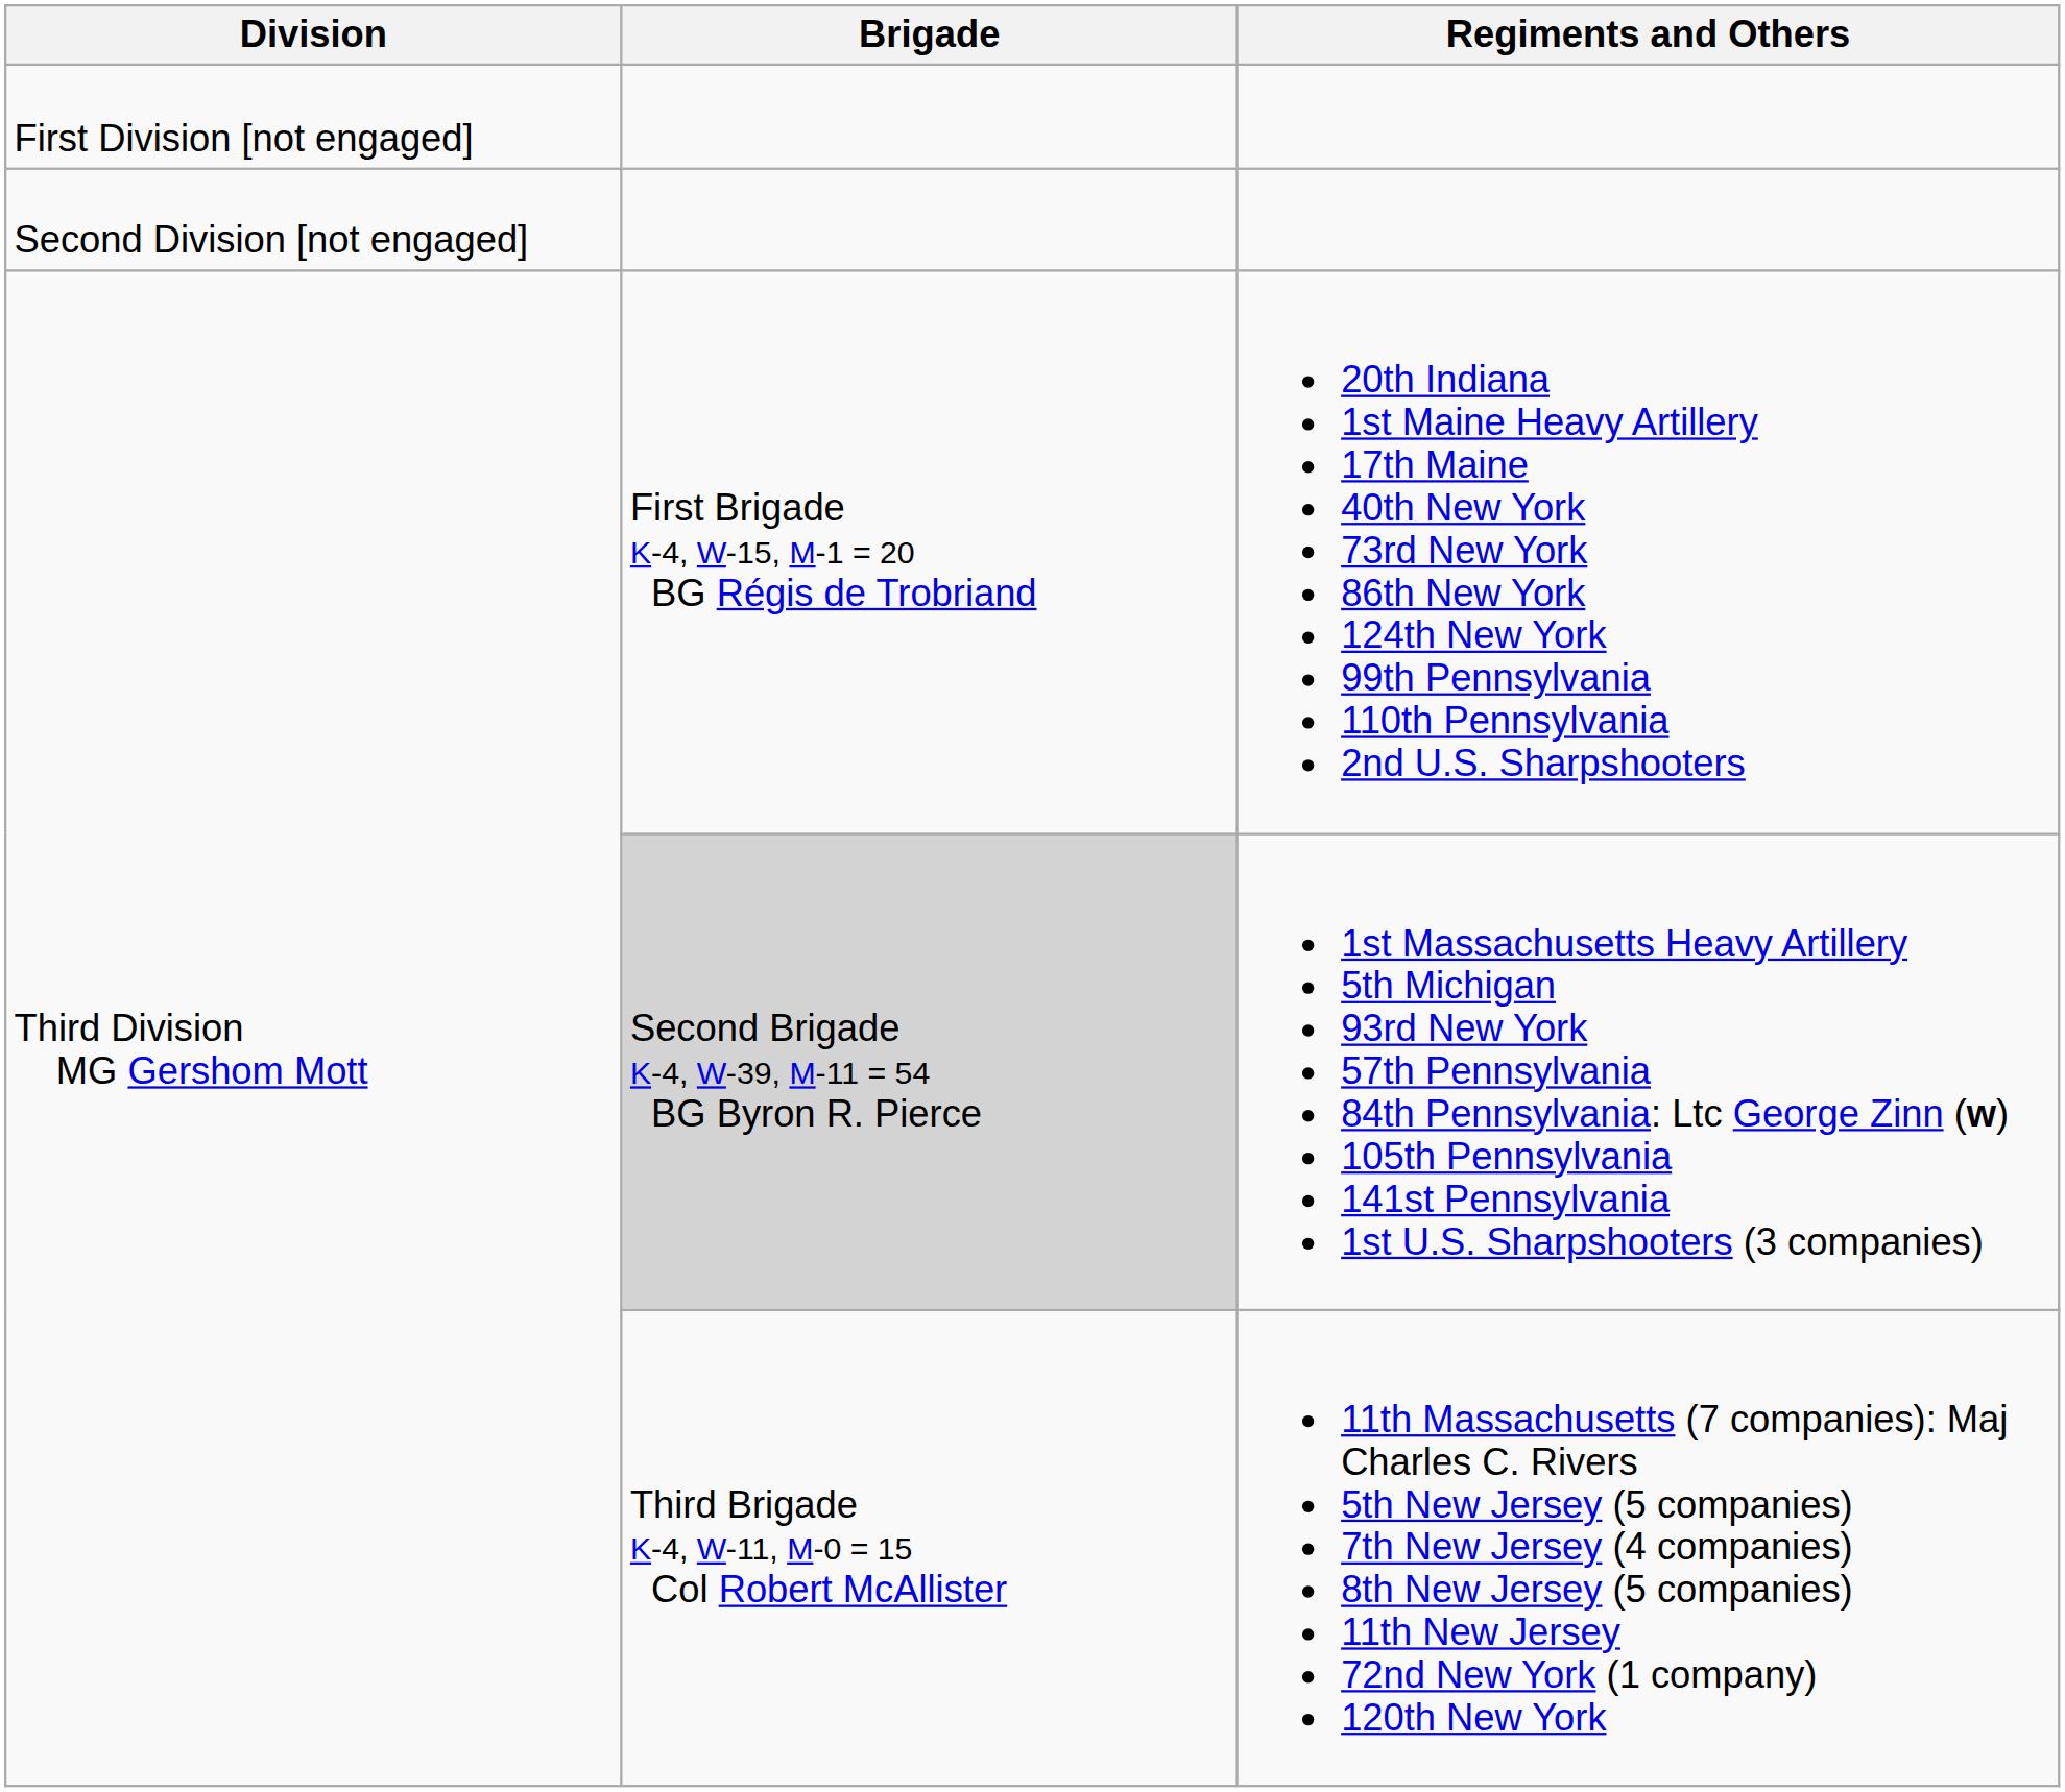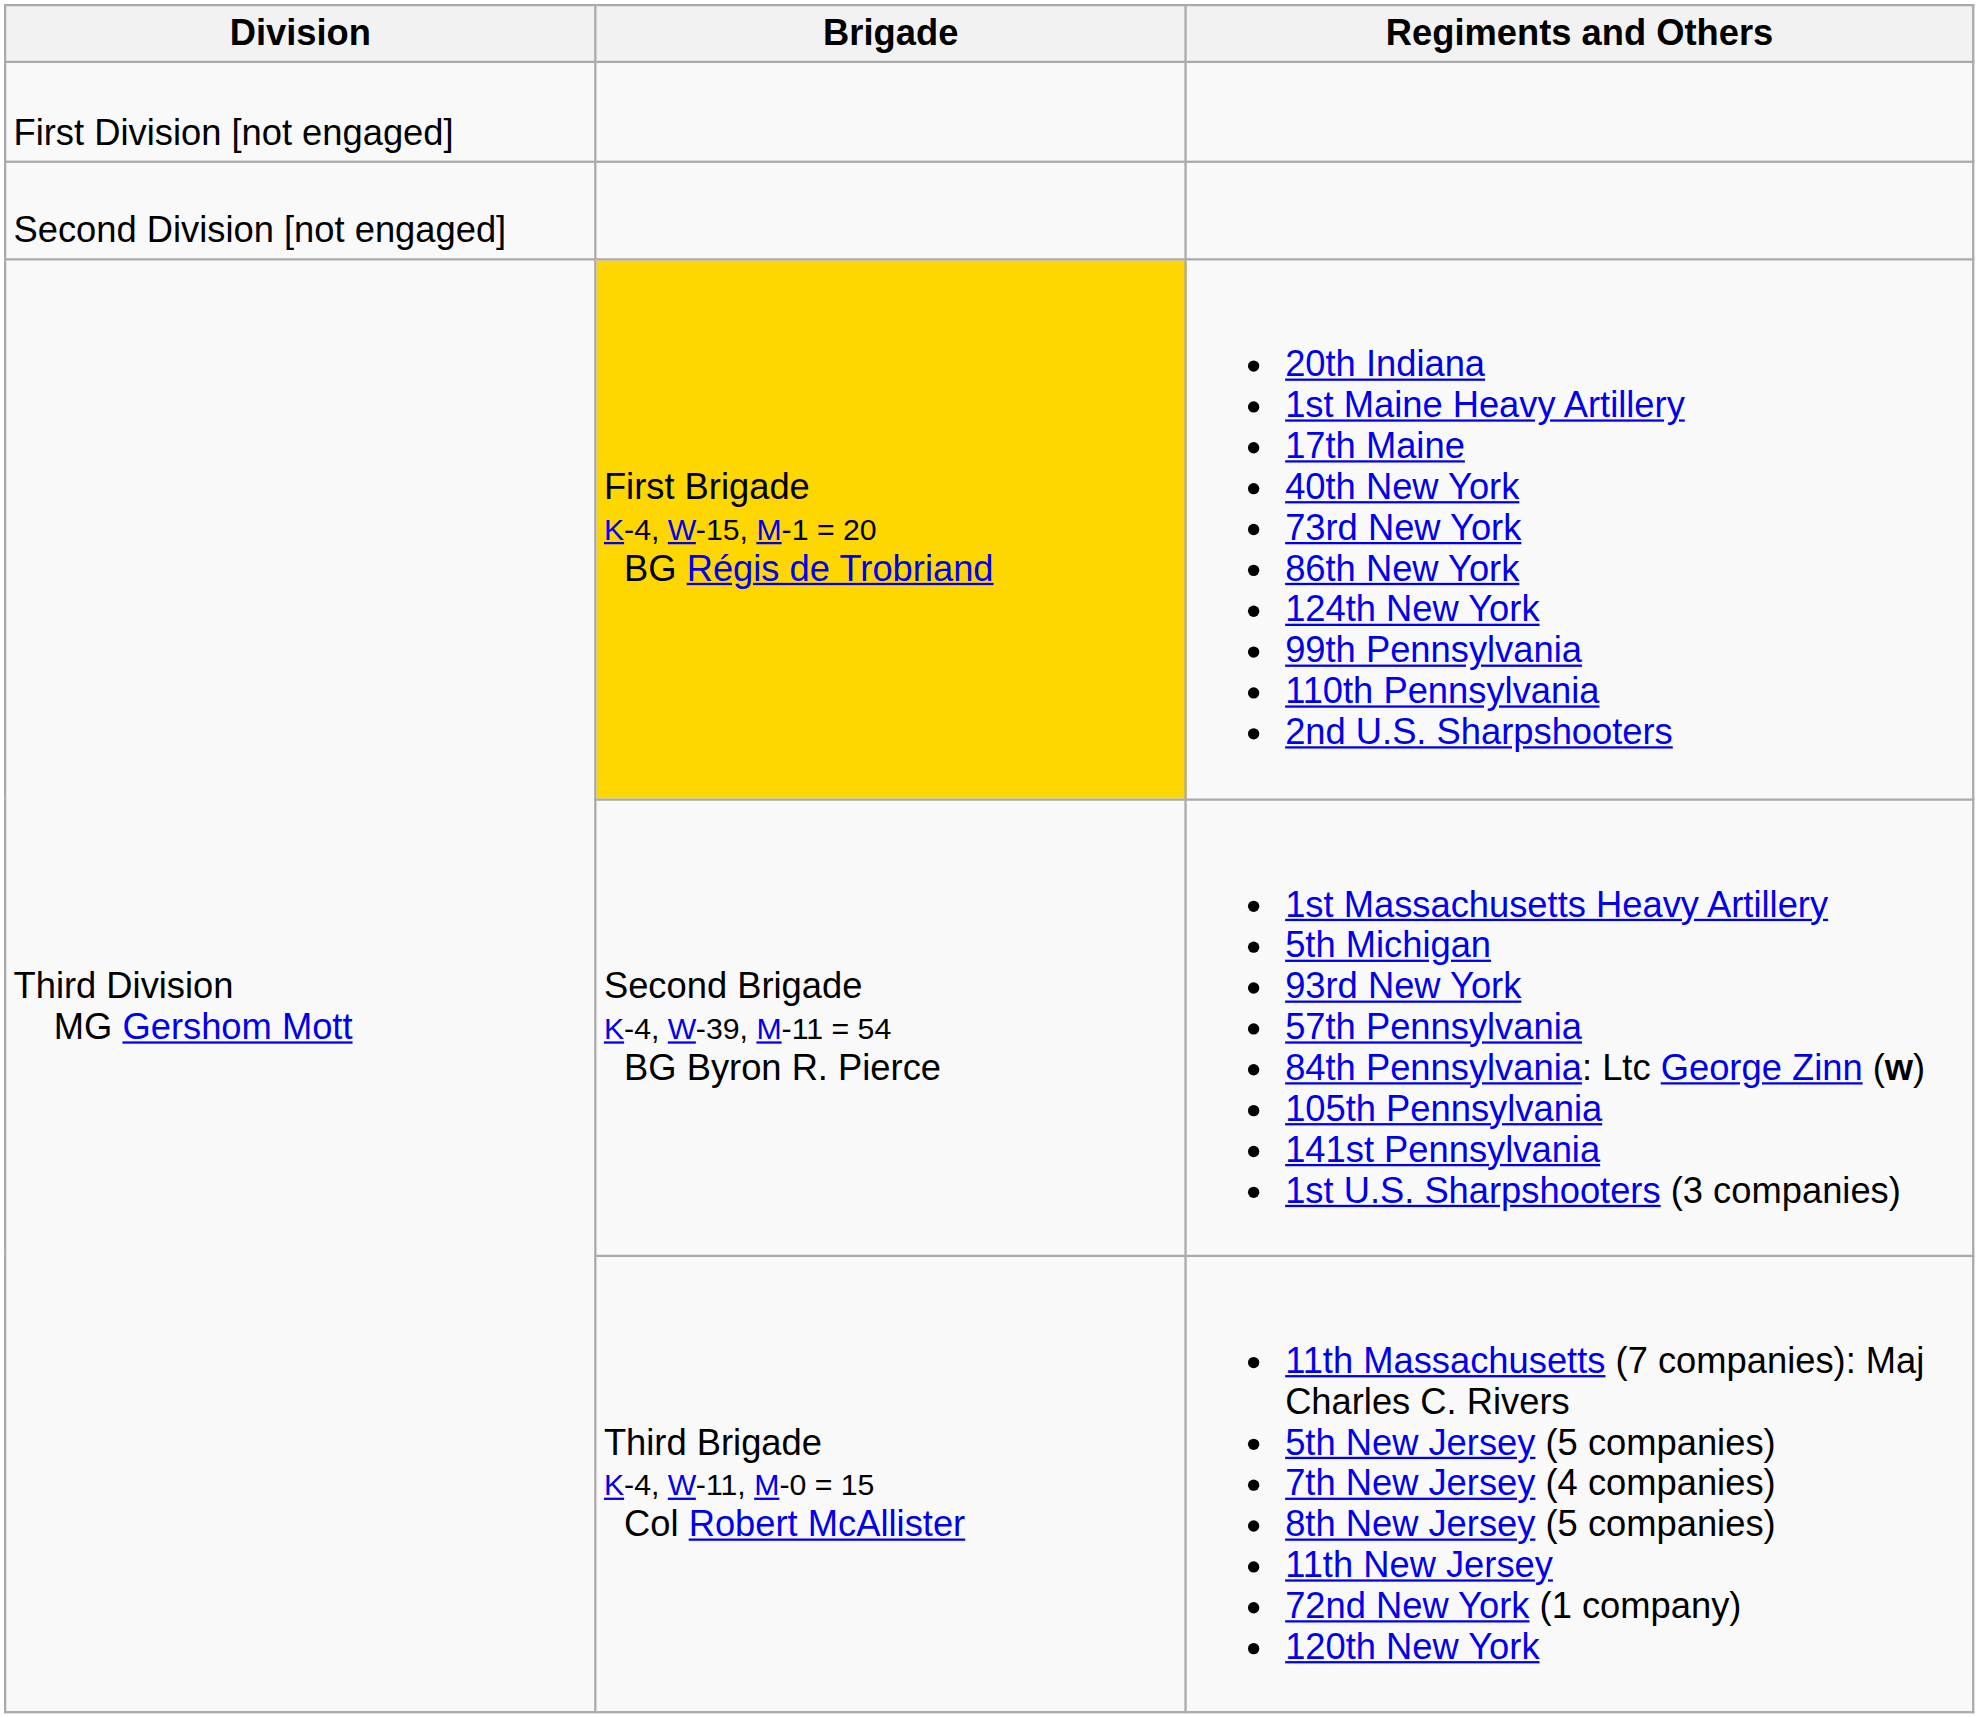 <table class="wikitable">
 <tr>
 <th width=30%>Division</th>
 <th width=30%>Brigade</th>
 <th>Regiments and Others</th>
 </tr>
 <tr>
 <td rowspan = 1><br>First Division [not engaged]</td>
 <td></td>
 <td></td>
 </tr>
 <tr>
 <td rowspan = 1><br>Second Division [not engaged]</td>
 <td></td>
 <td></td>
 </tr>
 <tr>
 <td rowspan = 3><br>Third Division <br>    MG <a href='#'>Gershom Mott</a></td>
-<td>First Brigade<br><small><a href='#'>K</a>-4, <a href='#'>W</a>-15, <a href='#'>M</a>-1 = 20</small><br>  BG <a href='#'>Régis de Trobriand</a></td>
+<td style="background: gold;">First Brigade<br><small><a href='#'>K</a>-4, <a href='#'>W</a>-15, <a href='#'>M</a>-1 = 20</small><br>  BG <a href='#'>Régis de Trobriand</a></td>
 <td><br><ul><li><a href='#'>20th Indiana</a></li><li><a href='#'>1st Maine Heavy Artillery</a></li><li><a href='#'>17th Maine</a></li><li><a href='#'>40th New York</a></li><li><a href='#'>73rd New York</a></li><li><a href='#'>86th New York</a></li><li><a href='#'>124th New York</a></li><li><a href='#'>99th Pennsylvania</a></li><li><a href='#'>110th Pennsylvania</a></li><li><a href='#'>2nd U.S. Sharpshooters</a></li></ul></td>
 </tr>
 <tr>
-<td style="background: lightgrey;">Second Brigade<br><small><a href='#'>K</a>-4, <a href='#'>W</a>-39, <a href='#'>M</a>-11 = 54</small><br>  BG Byron R. Pierce</td>
+<td>Second Brigade<br><small><a href='#'>K</a>-4, <a href='#'>W</a>-39, <a href='#'>M</a>-11 = 54</small><br>  BG Byron R. Pierce</td>
 <td><br><ul><li><a href='#'>1st Massachusetts Heavy Artillery</a></li><li><a href='#'>5th Michigan</a></li><li><a href='#'>93rd New York</a></li><li><a href='#'>57th Pennsylvania</a></li><li><a href='#'>84th Pennsylvania</a>: Ltc <a href='#'>George Zinn</a> (<strong>w</strong>)</li><li><a href='#'>105th Pennsylvania</a></li><li><a href='#'>141st Pennsylvania</a></li><li><a href='#'>1st U.S. Sharpshooters</a> (3 companies)</li></ul></td>
 </tr>
 <tr>
 <td>Third Brigade<br><small><a href='#'>K</a>-4, <a href='#'>W</a>-11, <a href='#'>M</a>-0 = 15</small><br>  Col <a href='#'>Robert McAllister</a></td>
 <td><br><ul><li><a href='#'>11th Massachusetts</a> (7 companies): Maj Charles C. Rivers</li><li><a href='#'>5th New Jersey</a> (5 companies)</li><li><a href='#'>7th New Jersey</a> (4 companies)</li><li><a href='#'>8th New Jersey</a> (5 companies)</li><li><a href='#'>11th New Jersey</a></li><li><a href='#'>72nd New York</a> (1 company)</li><li><a href='#'>120th New York</a></li></ul></td>
 </tr>
 </table>
